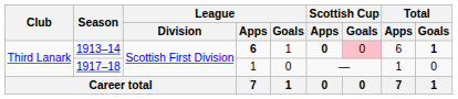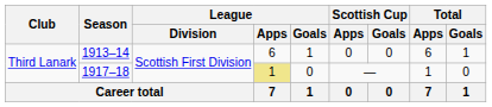 <table class="wikitable" style="text-align: center">
 <tr>
 <th rowspan="2">Club</th>
 <th rowspan="2">Season</th>
 <th colspan="3">League</th>
 <th colspan="2">Scottish Cup</th>
 <th colspan="2">Total</th>
 </tr>
 <tr>
 <th>Division</th>
 <th>Apps</th>
 <th>Goals</th>
 <th>Apps</th>
 <th>Goals</th>
 <th>Apps</th>
 <th>Goals</th>
 </tr>
 <tr>
 <td rowspan="2"><a href='#'>Third Lanark</a></td>
 <td><a href='#'>1913–14</a></td>
 <td rowspan="2"><a href='#'>Scottish First Division</a></td>
-<td><strong>6</strong></td>
+<td>6</td>
 <td>1</td>
-<td><strong>0</strong></td>
-<td style="background: pink;">0</td>
+<td>0</td>
+<td>0</td>
 <td>6</td>
-<td><strong>1</strong></td>
+<td>1</td>
 </tr>
 <tr>
 <td><a href='#'>1917–18</a></td>
-<td>1</td>
+<td style="background: khaki;">1</td>
 <td>0</td>
 <td colspan="2">—</td>
 <td>1</td>
 <td>0</td>
 </tr>
 <tr>
 <th colspan="3">Career total</th>
 <th>7</th>
 <th>1</th>
 <th>0</th>
 <th>0</th>
 <th>7</th>
 <th>1</th>
 </tr>
 </table>
